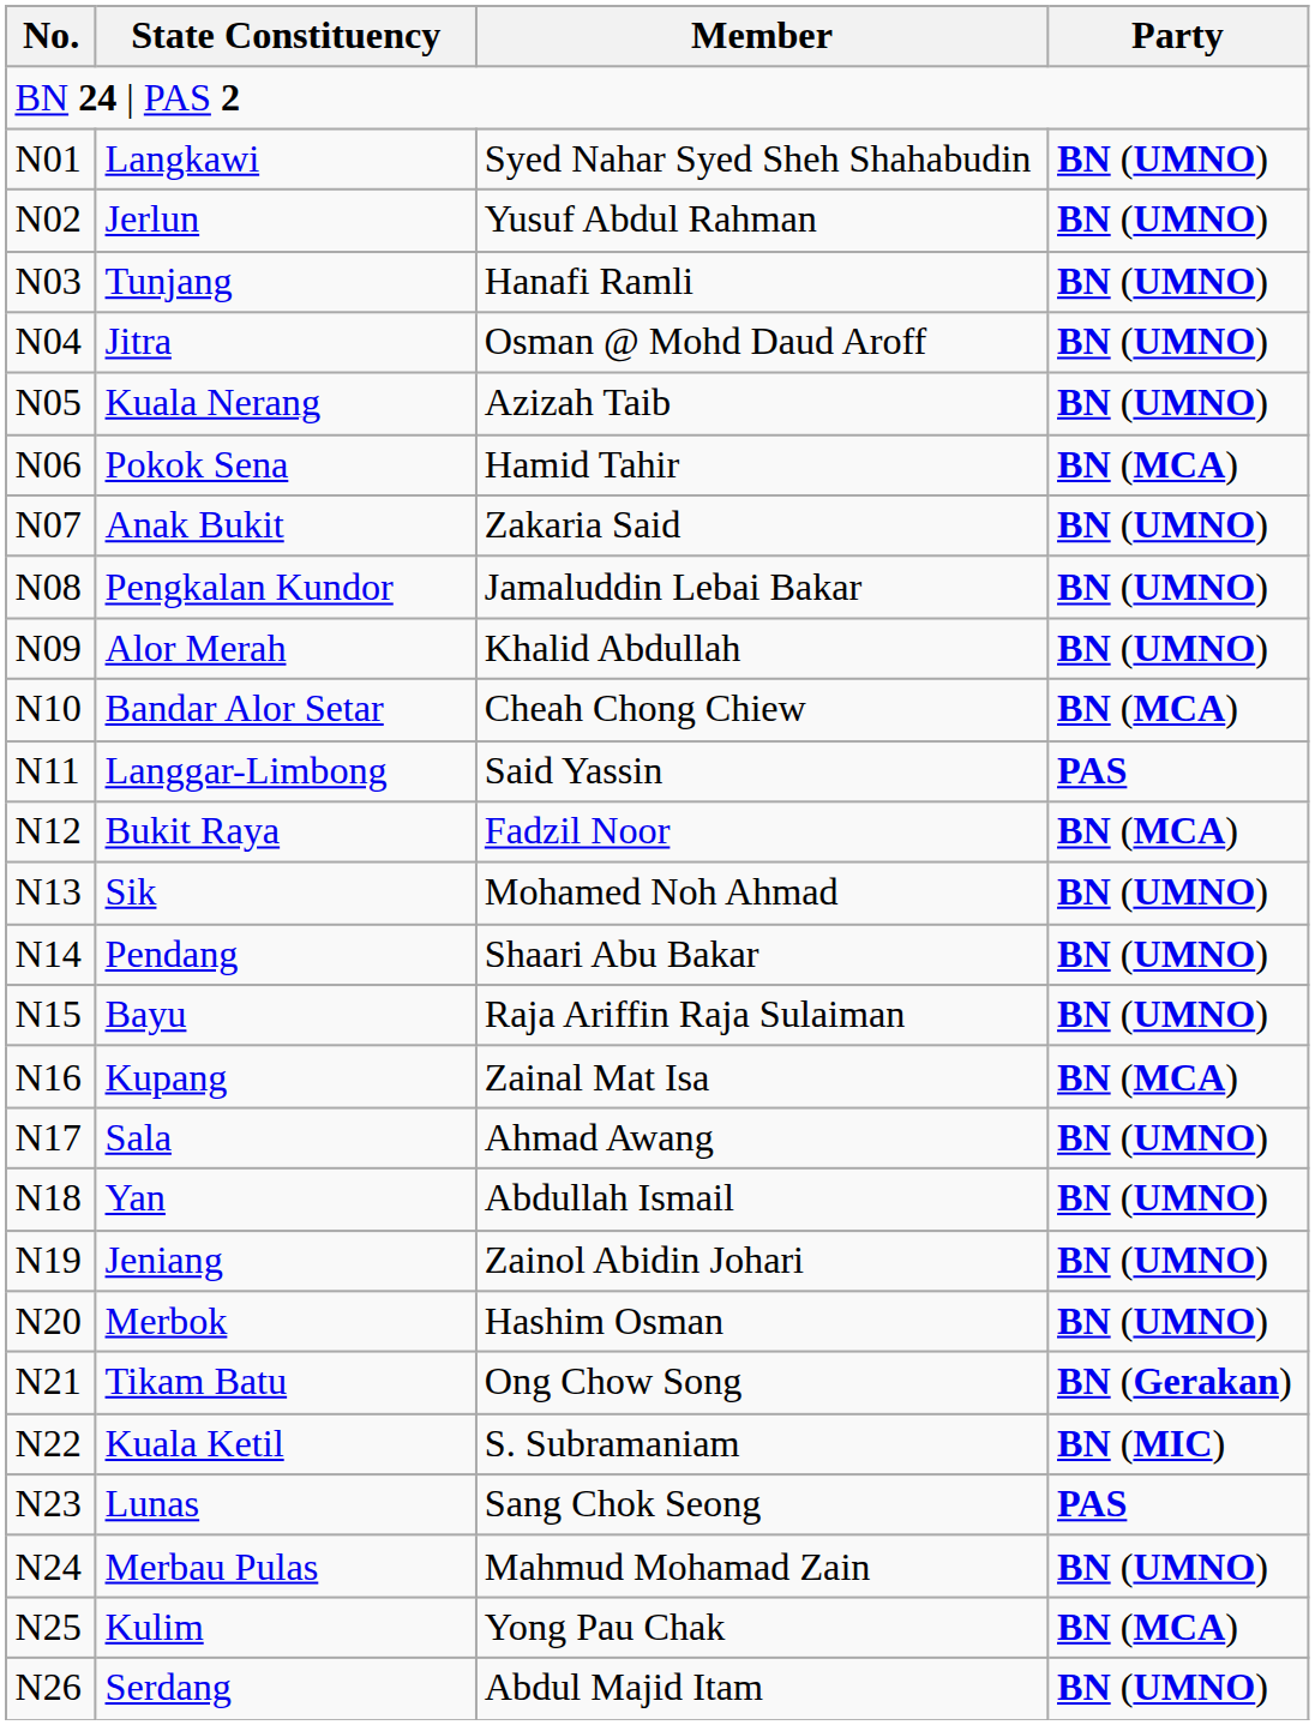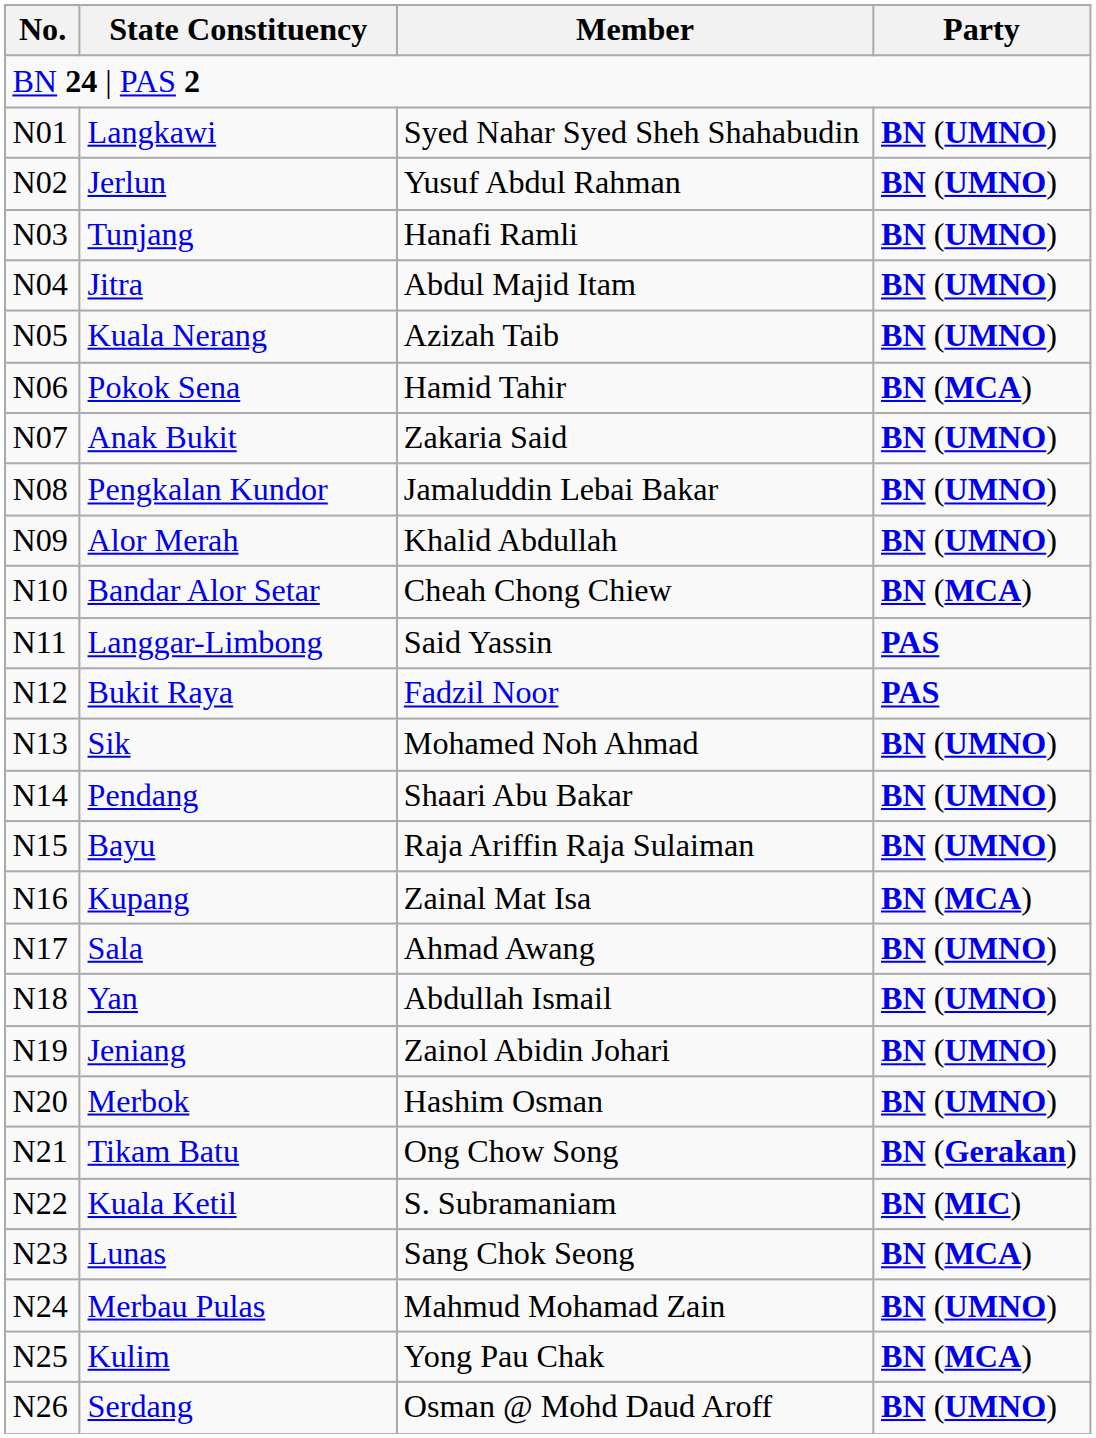 <table class="wikitable sortable">
 <tr>
 <th style="width:30px;">No.</th>
 <th style="width:150px;">State Constituency</th>
 <th style="width:230px;">Member</th>
 <th style="width:100px;">Party</th>
 </tr>
 <tr>
 <td colspan="4"><a href='#'>BN</a> <strong>24</strong> | <a href='#'>PAS</a> <strong>2</strong></td>
 </tr>
 <tr>
 <td>N01</td>
 <td><a href='#'>Langkawi</a></td>
 <td>Syed Nahar Syed Sheh Shahabudin</td>
 <td><strong><a href='#'>BN</a></strong> (<strong><a href='#'>UMNO</a></strong>)</td>
 </tr>
 <tr>
 <td>N02</td>
 <td><a href='#'>Jerlun</a></td>
 <td>Yusuf Abdul Rahman</td>
 <td><strong><a href='#'>BN</a></strong> (<strong><a href='#'>UMNO</a></strong>)</td>
 </tr>
 <tr>
 <td>N03</td>
 <td><a href='#'>Tunjang</a></td>
 <td>Hanafi Ramli</td>
 <td><strong><a href='#'>BN</a></strong> (<strong><a href='#'>UMNO</a></strong>)</td>
 </tr>
 <tr>
 <td>N04</td>
 <td><a href='#'>Jitra</a></td>
-<td>Osman @ Mohd Daud Aroff</td>
+<td>Abdul Majid Itam</td>
 <td><strong><a href='#'>BN</a></strong> (<strong><a href='#'>UMNO</a></strong>)</td>
 </tr>
 <tr>
 <td>N05</td>
 <td><a href='#'>Kuala Nerang</a></td>
 <td>Azizah Taib</td>
 <td><strong><a href='#'>BN</a></strong> (<strong><a href='#'>UMNO</a></strong>)</td>
 </tr>
 <tr>
 <td>N06</td>
 <td><a href='#'>Pokok Sena</a></td>
 <td>Hamid Tahir</td>
 <td><strong><a href='#'>BN</a></strong> (<strong><a href='#'>MCA</a></strong>)</td>
 </tr>
 <tr>
 <td>N07</td>
 <td><a href='#'>Anak Bukit</a></td>
 <td>Zakaria Said</td>
 <td><strong><a href='#'>BN</a></strong> (<strong><a href='#'>UMNO</a></strong>)</td>
 </tr>
 <tr>
 <td>N08</td>
 <td><a href='#'>Pengkalan Kundor</a></td>
 <td>Jamaluddin Lebai Bakar</td>
 <td><strong><a href='#'>BN</a></strong> (<strong><a href='#'>UMNO</a></strong>)</td>
 </tr>
 <tr>
 <td>N09</td>
 <td><a href='#'>Alor Merah</a></td>
 <td>Khalid Abdullah</td>
 <td><strong><a href='#'>BN</a></strong> (<strong><a href='#'>UMNO</a></strong>)</td>
 </tr>
 <tr>
 <td>N10</td>
 <td><a href='#'>Bandar Alor Setar</a></td>
 <td>Cheah Chong Chiew</td>
 <td><strong><a href='#'>BN</a></strong> (<strong><a href='#'>MCA</a></strong>)</td>
 </tr>
 <tr>
 <td>N11</td>
 <td><a href='#'>Langgar-Limbong</a></td>
 <td>Said Yassin</td>
 <td><strong><a href='#'>PAS</a></strong></td>
 </tr>
 <tr>
 <td>N12</td>
 <td><a href='#'>Bukit Raya</a></td>
 <td><a href='#'>Fadzil Noor</a></td>
-<td><strong><a href='#'>BN</a></strong> (<strong><a href='#'>MCA</a></strong>)</td>
+<td><strong><a href='#'>PAS</a></strong></td>
 </tr>
 <tr>
 <td>N13</td>
 <td><a href='#'>Sik</a></td>
 <td>Mohamed Noh Ahmad</td>
 <td><strong><a href='#'>BN</a></strong> (<strong><a href='#'>UMNO</a></strong>)</td>
 </tr>
 <tr>
 <td>N14</td>
 <td><a href='#'>Pendang</a></td>
 <td>Shaari Abu Bakar</td>
 <td><strong><a href='#'>BN</a></strong> (<strong><a href='#'>UMNO</a></strong>)</td>
 </tr>
 <tr>
 <td>N15</td>
 <td><a href='#'>Bayu</a></td>
 <td>Raja Ariffin Raja Sulaiman</td>
 <td><strong><a href='#'>BN</a></strong> (<strong><a href='#'>UMNO</a></strong>)</td>
 </tr>
 <tr>
 <td>N16</td>
 <td><a href='#'>Kupang</a></td>
 <td>Zainal Mat Isa</td>
 <td><strong><a href='#'>BN</a></strong> (<strong><a href='#'>MCA</a></strong>)</td>
 </tr>
 <tr>
 <td>N17</td>
 <td><a href='#'>Sala</a></td>
 <td>Ahmad Awang</td>
 <td><strong><a href='#'>BN</a></strong> (<strong><a href='#'>UMNO</a></strong>)</td>
 </tr>
 <tr>
 <td>N18</td>
 <td><a href='#'>Yan</a></td>
 <td>Abdullah Ismail</td>
 <td><strong><a href='#'>BN</a></strong> (<strong><a href='#'>UMNO</a></strong>)</td>
 </tr>
 <tr>
 <td>N19</td>
 <td><a href='#'>Jeniang</a></td>
 <td>Zainol Abidin Johari</td>
 <td><strong><a href='#'>BN</a></strong> (<strong><a href='#'>UMNO</a></strong>)</td>
 </tr>
 <tr>
 <td>N20</td>
 <td><a href='#'>Merbok</a></td>
 <td>Hashim Osman</td>
 <td><strong><a href='#'>BN</a></strong> (<strong><a href='#'>UMNO</a></strong>)</td>
 </tr>
 <tr>
 <td>N21</td>
 <td><a href='#'>Tikam Batu</a></td>
 <td>Ong Chow Song</td>
 <td><strong><a href='#'>BN</a></strong> (<strong><a href='#'>Gerakan</a></strong>)</td>
 </tr>
 <tr>
 <td>N22</td>
 <td><a href='#'>Kuala Ketil</a></td>
 <td>S. Subramaniam</td>
 <td><strong><a href='#'>BN</a></strong> (<strong><a href='#'>MIC</a></strong>)</td>
 </tr>
 <tr>
 <td>N23</td>
 <td><a href='#'>Lunas</a></td>
 <td>Sang Chok Seong</td>
-<td><strong><a href='#'>PAS</a></strong></td>
+<td><strong><a href='#'>BN</a></strong> (<strong><a href='#'>MCA</a></strong>)</td>
 </tr>
 <tr>
 <td>N24</td>
 <td><a href='#'>Merbau Pulas</a></td>
 <td>Mahmud Mohamad Zain</td>
 <td><strong><a href='#'>BN</a></strong> (<strong><a href='#'>UMNO</a></strong>)</td>
 </tr>
 <tr>
 <td>N25</td>
 <td><a href='#'>Kulim</a></td>
 <td>Yong Pau Chak</td>
 <td><strong><a href='#'>BN</a></strong> (<strong><a href='#'>MCA</a></strong>)</td>
 </tr>
 <tr>
 <td>N26</td>
 <td><a href='#'>Serdang</a></td>
-<td>Abdul Majid Itam</td>
+<td>Osman @ Mohd Daud Aroff</td>
 <td><strong><a href='#'>BN</a></strong> (<strong><a href='#'>UMNO</a></strong>)</td>
 </tr>
 </table>
